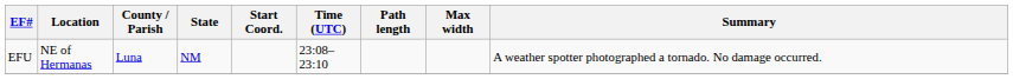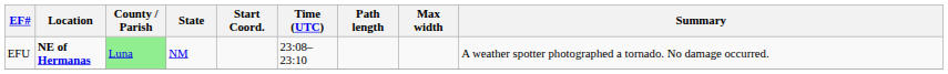 <table class="wikitable sortable" style="width:100%;">
 <tr>
 <th scope="col"  style="width:3%; text-align:center;"><a href='#'>EF#</a></th>
 <th scope="col"  style="width:7%; text-align:center;" class="unsortable">Location</th>
 <th scope="col"  style="width:6%; text-align:center;" class="unsortable">County / Parish</th>
 <th scope="col"  style="width:5%; text-align:center;">State</th>
 <th scope="col"  style="width:6%; text-align:center;">Start Coord.</th>
 <th scope="col"  style="width:6%; text-align:center;">Time (<a href='#'>UTC</a>)</th>
 <th scope="col"  style="width:6%; text-align:center;">Path length</th>
 <th scope="col"  style="width:6%; text-align:center;">Max width</th>
 <th scope="col" class="unsortable" style="width:48%; text-align:center;">Summary</th>
 </tr>
 <tr>
 <td bgcolor=>EFU</td>
-<td>NE of <a href='#'>Hermanas</a></td>
-<td><a href='#'>Luna</a></td>
+<td><strong>NE of <a href='#'>Hermanas</a></strong></td>
+<td style="background: lightgreen;"><a href='#'>Luna</a></td>
 <td><a href='#'>NM</a></td>
 <td></td>
 <td>23:08–23:10</td>
 <td></td>
 <td></td>
 <td>A weather spotter photographed a tornado. No damage occurred.</td>
 </tr>
 <tr>
 </tr>
 </table>
